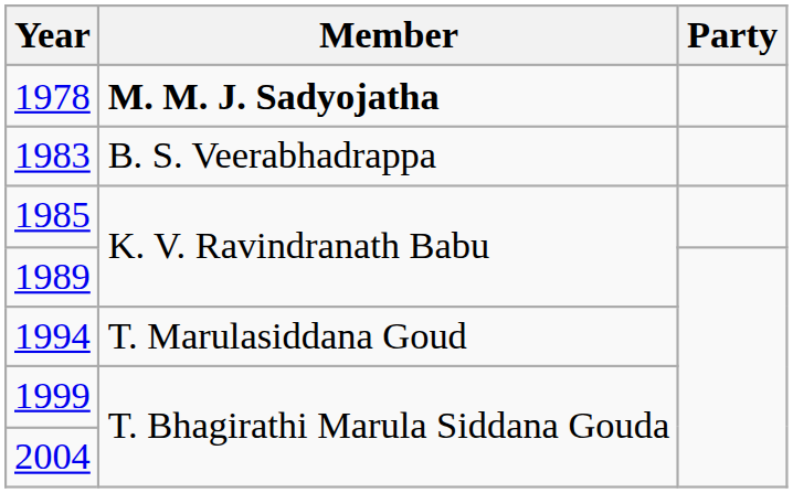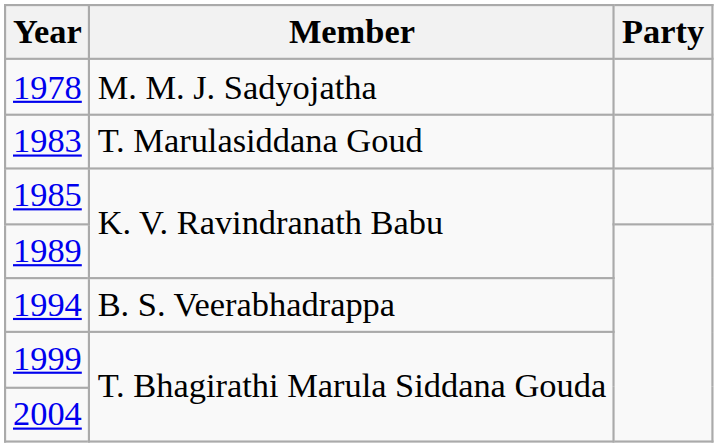 <table class="wikitable sortable">
 <tr>
 <th>Year</th>
 <th>Member</th>
 <th colspan="2">Party</th>
 </tr>
 <tr>
 <td><a href='#'>1978</a></td>
-<td><strong>M. M. J. Sadyojatha</strong></td>
+<td>M. M. J. Sadyojatha</td>
 <td></td>
 </tr>
 <tr>
 <td><a href='#'>1983</a></td>
-<td>B. S. Veerabhadrappa</td>
+<td>T. Marulasiddana Goud</td>
 <td></td>
 </tr>
 <tr>
 <td><a href='#'>1985</a></td>
 <td rowspan=2>K. V. Ravindranath Babu</td>
 <td></td>
 </tr>
 <tr>
 <td><a href='#'>1989</a></td>
 </tr>
 <tr>
 <td><a href='#'>1994</a></td>
-<td>T. Marulasiddana Goud</td>
+<td>B. S. Veerabhadrappa</td>
 </tr>
 <tr>
 <td><a href='#'>1999</a></td>
 <td rowspan=2>T. Bhagirathi Marula Siddana Gouda</td>
 </tr>
 <tr>
 <td><a href='#'>2004</a></td>
 </tr>
 </table>
